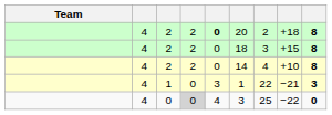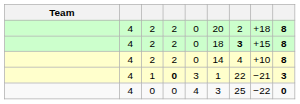 <table class="wikitable" style="text-align: center; font-size:90% ">
 <tr>
 <th width=160>Team</th>
 <th width=25></th>
 <th width=25></th>
 <th width=25></th>
 <th width=25></th>
 <th width=25></th>
 <th width=25></th>
 <th width=25></th>
 <th width=25></th>
 </tr>
 <tr bgcolor=ccffcc>
 <td align=left></td>
 <td>4</td>
 <td>2</td>
 <td>2</td>
-<td><strong>0</strong></td>
+<td>0</td>
 <td>20</td>
 <td>2</td>
 <td>+18</td>
 <td><strong>8</strong></td>
 </tr>
 <tr bgcolor=ccffcc>
 <td align=left></td>
 <td>4</td>
 <td>2</td>
 <td>2</td>
 <td>0</td>
 <td>18</td>
-<td>3</td>
+<td><strong>3</strong></td>
 <td>+15</td>
 <td><strong>8</strong></td>
 </tr>
 <tr bgcolor=ffffcc>
 <td align=left></td>
 <td>4</td>
 <td>2</td>
 <td>2</td>
 <td>0</td>
 <td>14</td>
 <td>4</td>
 <td>+10</td>
 <td><strong>8</strong></td>
 </tr>
 <tr bgcolor=ffffcc>
 <td align=left></td>
 <td>4</td>
 <td>1</td>
-<td>0</td>
+<td><strong>0</strong></td>
 <td>3</td>
 <td>1</td>
 <td>22</td>
 <td>−21</td>
 <td><strong>3</strong></td>
 </tr>
 <tr>
 <td align=left></td>
 <td>4</td>
 <td>0</td>
-<td style="background: lightgrey;">0</td>
+<td>0</td>
 <td>4</td>
 <td>3</td>
 <td>25</td>
 <td>−22</td>
 <td><strong>0</strong></td>
 </tr>
 </table>
